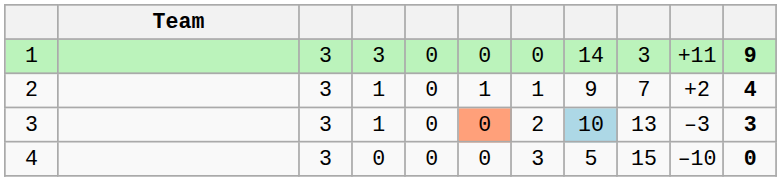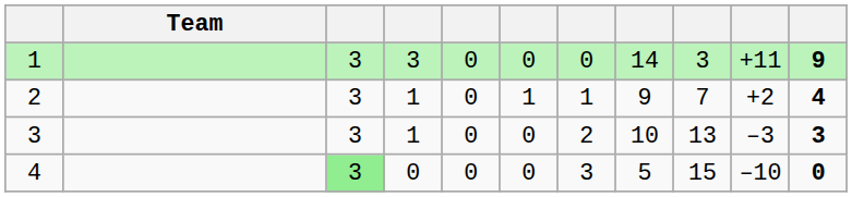 <table class="wikitable" style="text-align: center; font-size: 97%;">
 <tr>
 <th width="25"></th>
 <th width="135">Team</th>
 <th width="25"></th>
 <th width="25"></th>
 <th width="25"></th>
 <th width="25"></th>
 <th width="25"></th>
 <th width="25"></th>
 <th width="25"></th>
 <th width="25"></th>
 <th width="25"></th>
 </tr>
 <tr style="background-color: #bbf3bb;">
 <td>1</td>
 <td align=left></td>
 <td>3</td>
 <td>3</td>
 <td>0</td>
 <td>0</td>
 <td>0</td>
 <td>14</td>
 <td>3</td>
 <td>+11</td>
 <td><strong>9</strong></td>
 </tr>
 <tr>
 <td>2</td>
 <td align=left></td>
 <td>3</td>
 <td>1</td>
 <td>0</td>
 <td>1</td>
 <td>1</td>
 <td>9</td>
 <td>7</td>
 <td>+2</td>
 <td><strong>4</strong></td>
 </tr>
 <tr>
 <td>3</td>
 <td align=left></td>
 <td>3</td>
 <td>1</td>
 <td>0</td>
-<td style="background: lightsalmon;">0</td>
+<td>0</td>
 <td>2</td>
-<td style="background: lightblue;">10</td>
+<td>10</td>
 <td>13</td>
 <td>–3</td>
 <td><strong>3</strong></td>
 </tr>
 <tr>
 <td>4</td>
 <td align=left></td>
-<td>3</td>
+<td style="background: lightgreen;">3</td>
 <td>0</td>
 <td>0</td>
 <td>0</td>
 <td>3</td>
 <td>5</td>
 <td>15</td>
 <td>–10</td>
 <td><strong>0</strong></td>
 </tr>
 </table>
